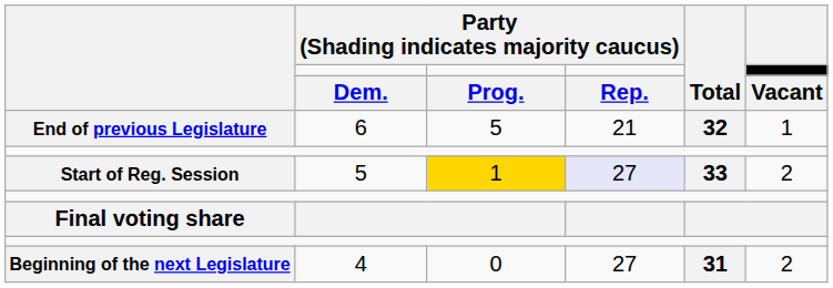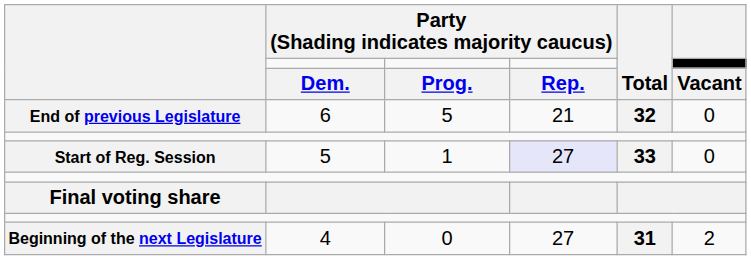 <table class=wikitable style="text-align:center">
 <tr style="vertical-align:bottom;">
 <th rowspan=3></th>
 <th colspan=3>Party <div>(Shading indicates majority caucus)</div></th>
 <th rowspan=3>Total</th>
 <th></th>
 </tr>
 <tr style="height:5px">
 <td style="background-color:"></td>
 <td style="background-color:"></td>
 <td style="background-color:"></td>
 <td style="background:black;"></td>
 </tr>
 <tr>
 <th><a href='#'>Dem.</a></th>
 <th><a href='#'>Prog.</a></th>
 <th><a href='#'>Rep.</a></th>
 <th>Vacant</th>
 </tr>
 <tr>
 <th style="font-size:80%;">End of <a href='#'>previous Legislature</a></th>
 <td>6</td>
 <td>5</td>
 <td>21</td>
 <th>32</th>
-<td>1</td>
+<td>0</td>
 </tr>
 <tr>
 <td colspan=6></td>
 </tr>
 <tr>
 <th style="font-size:80%;">Start of Reg. Session</th>
 <td>5</td>
-<td style="background: gold;">1</td>
+<td>1</td>
 <td style="background: lavender;">27</td>
 <th>33</th>
-<td>2</td>
+<td>0</td>
 </tr>
 <tr>
 <td colspan=6></td>
 </tr>
 <tr>
 <th>Final voting share</th>
 <th colspan="2"></th>
 <th></th>
 <th colspan=2></th>
 </tr>
 <tr>
 <td colspan=6></td>
 </tr>
 <tr>
 <th style="font-size:80%;">Beginning of the <a href='#'>next Legislature</a></th>
 <td>4</td>
 <td>0</td>
 <td>27</td>
 <th>31</th>
 <td>2</td>
 </tr>
 </table>
